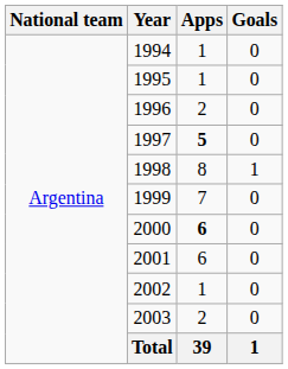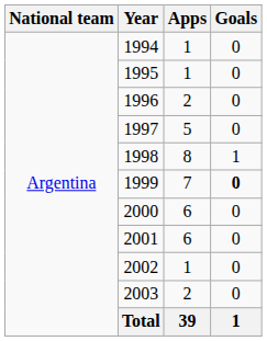 <table class="wikitable" style="text-align:center">
 <tr>
 <th>National team</th>
 <th>Year</th>
 <th>Apps</th>
 <th>Goals</th>
 </tr>
 <tr>
 <td rowspan="11"><a href='#'>Argentina</a></td>
 <td>1994</td>
 <td>1</td>
 <td>0</td>
 </tr>
 <tr>
 <td>1995</td>
 <td>1</td>
 <td>0</td>
 </tr>
 <tr>
 <td>1996</td>
 <td>2</td>
 <td>0</td>
 </tr>
 <tr>
 <td>1997</td>
-<td><strong>5</strong></td>
+<td>5</td>
 <td>0</td>
 </tr>
 <tr>
 <td>1998</td>
 <td>8</td>
 <td>1</td>
 </tr>
 <tr>
 <td>1999</td>
 <td>7</td>
-<td>0</td>
+<td><strong>0</strong></td>
 </tr>
 <tr>
 <td>2000</td>
-<td><strong>6</strong></td>
+<td>6</td>
 <td>0</td>
 </tr>
 <tr>
 <td>2001</td>
 <td>6</td>
 <td>0</td>
 </tr>
 <tr>
 <td>2002</td>
 <td>1</td>
 <td>0</td>
 </tr>
 <tr>
 <td>2003</td>
 <td>2</td>
 <td>0</td>
 </tr>
 <tr>
 <th>Total</th>
 <th>39</th>
 <th>1</th>
 </tr>
 </table>
